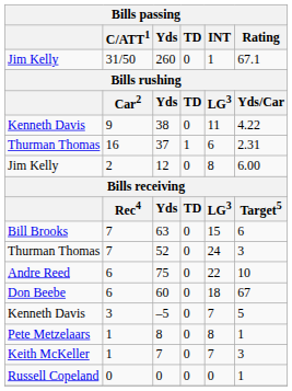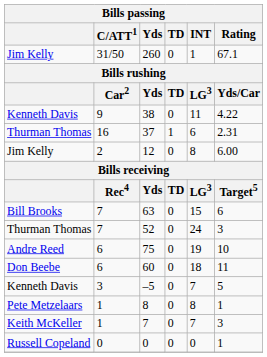 <table class="wikitable">
 <tr>
 <th colspan="6">Bills passing</th>
 </tr>
 <tr>
 <th></th>
 <th>C/ATT<sup>1</sup></th>
 <th>Yds</th>
 <th>TD</th>
 <th>INT</th>
 <th>Rating</th>
 </tr>
 <tr>
 <td><a href='#'>Jim Kelly</a></td>
 <td>31/50</td>
 <td>260</td>
 <td>0</td>
 <td>1</td>
 <td>67.1</td>
 </tr>
 <tr>
 <th colspan="6">Bills rushing</th>
 </tr>
 <tr>
 <th></th>
 <th>Car<sup>2</sup></th>
 <th>Yds</th>
 <th>TD</th>
 <th>LG<sup>3</sup></th>
 <th>Yds/Car</th>
 </tr>
 <tr>
 <td><a href='#'>Kenneth Davis</a></td>
 <td>9</td>
 <td>38</td>
 <td>0</td>
 <td>11</td>
 <td>4.22</td>
 </tr>
 <tr>
 <td><a href='#'>Thurman Thomas</a></td>
 <td>16</td>
 <td>37</td>
 <td>1</td>
 <td>6</td>
 <td>2.31</td>
 </tr>
 <tr>
 <td>Jim Kelly</td>
 <td>2</td>
 <td>12</td>
 <td>0</td>
 <td>8</td>
 <td>6.00</td>
 </tr>
 <tr>
 <th colspan="6">Bills receiving</th>
 </tr>
 <tr>
 <th></th>
 <th>Rec<sup>4</sup></th>
 <th>Yds</th>
 <th>TD</th>
 <th>LG<sup>3</sup></th>
 <th>Target<sup>5</sup></th>
 </tr>
 <tr>
 <td><a href='#'>Bill Brooks</a></td>
 <td>7</td>
 <td>63</td>
 <td>0</td>
 <td>15</td>
 <td>6</td>
 </tr>
 <tr>
 <td>Thurman Thomas</td>
 <td>7</td>
 <td>52</td>
 <td>0</td>
 <td>24</td>
 <td>3</td>
 </tr>
 <tr>
 <td><a href='#'>Andre Reed</a></td>
 <td>6</td>
 <td>75</td>
 <td>0</td>
-<td>22</td>
+<td>19</td>
 <td>10</td>
 </tr>
 <tr>
 <td><a href='#'>Don Beebe</a></td>
 <td>6</td>
 <td>60</td>
 <td>0</td>
 <td>18</td>
-<td>67</td>
+<td>11</td>
 </tr>
 <tr>
 <td>Kenneth Davis</td>
 <td>3</td>
 <td>–5</td>
 <td>0</td>
 <td>7</td>
 <td>5</td>
 </tr>
 <tr>
 <td><a href='#'>Pete Metzelaars</a></td>
 <td>1</td>
 <td>8</td>
 <td>0</td>
 <td>8</td>
 <td>1</td>
 </tr>
 <tr>
 <td><a href='#'>Keith McKeller</a></td>
 <td>1</td>
 <td>7</td>
 <td>0</td>
 <td>7</td>
 <td>3</td>
 </tr>
 <tr>
 <td><a href='#'>Russell Copeland</a></td>
 <td>0</td>
 <td>0</td>
 <td>0</td>
 <td>0</td>
 <td>1</td>
 </tr>
 <tr>
 </tr>
 </table>
